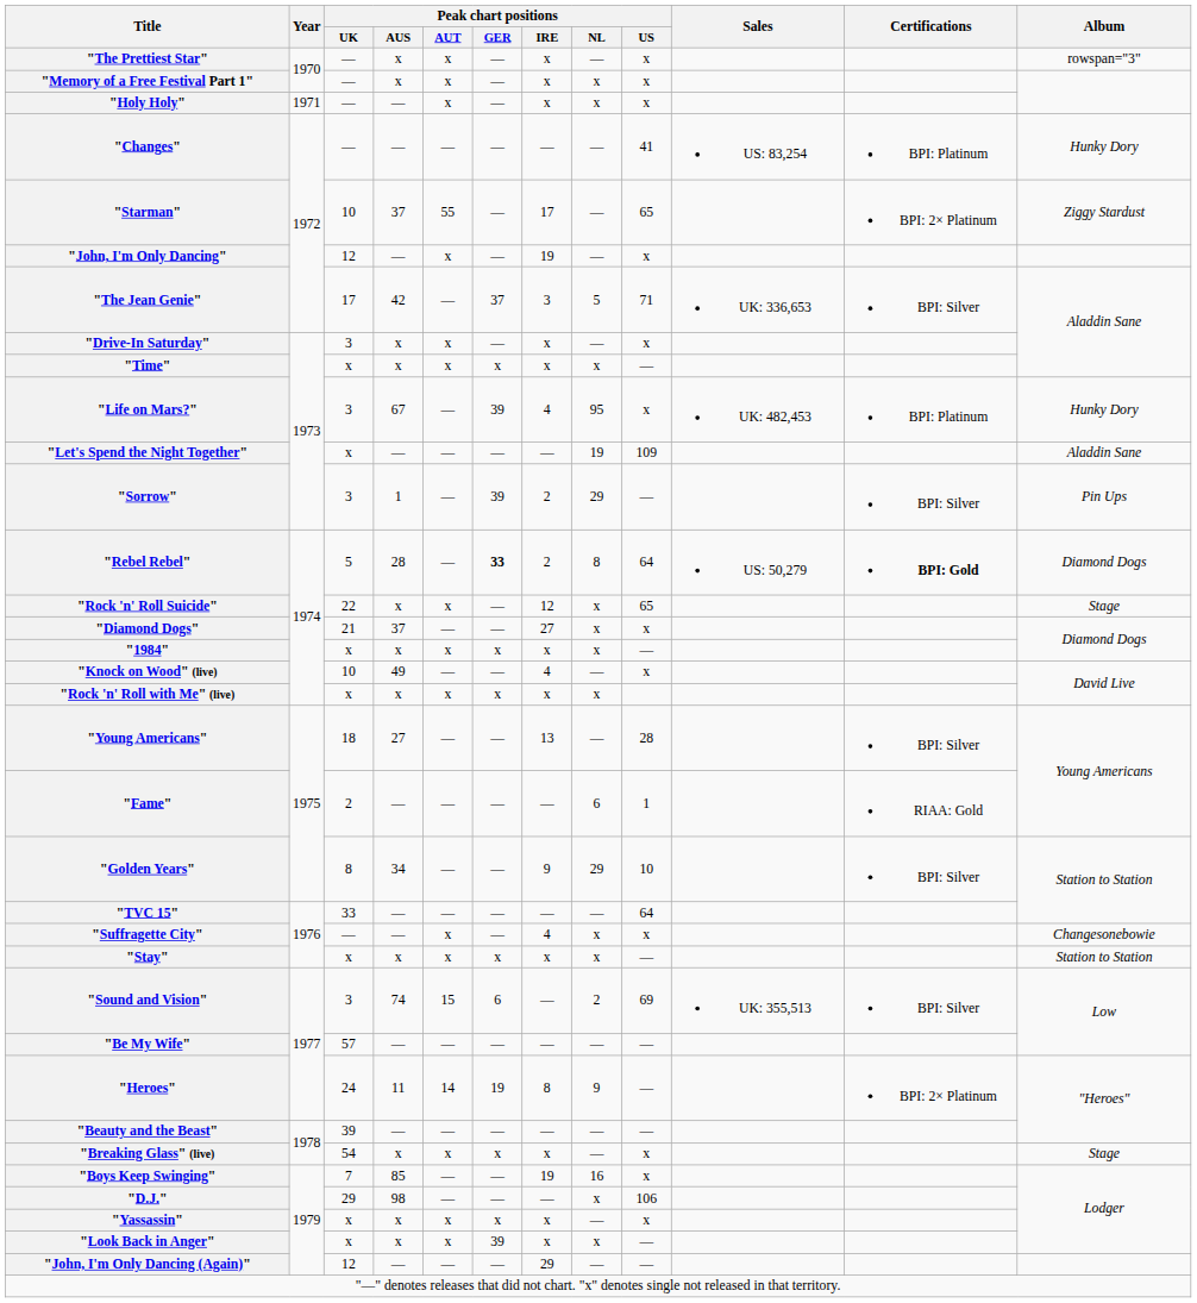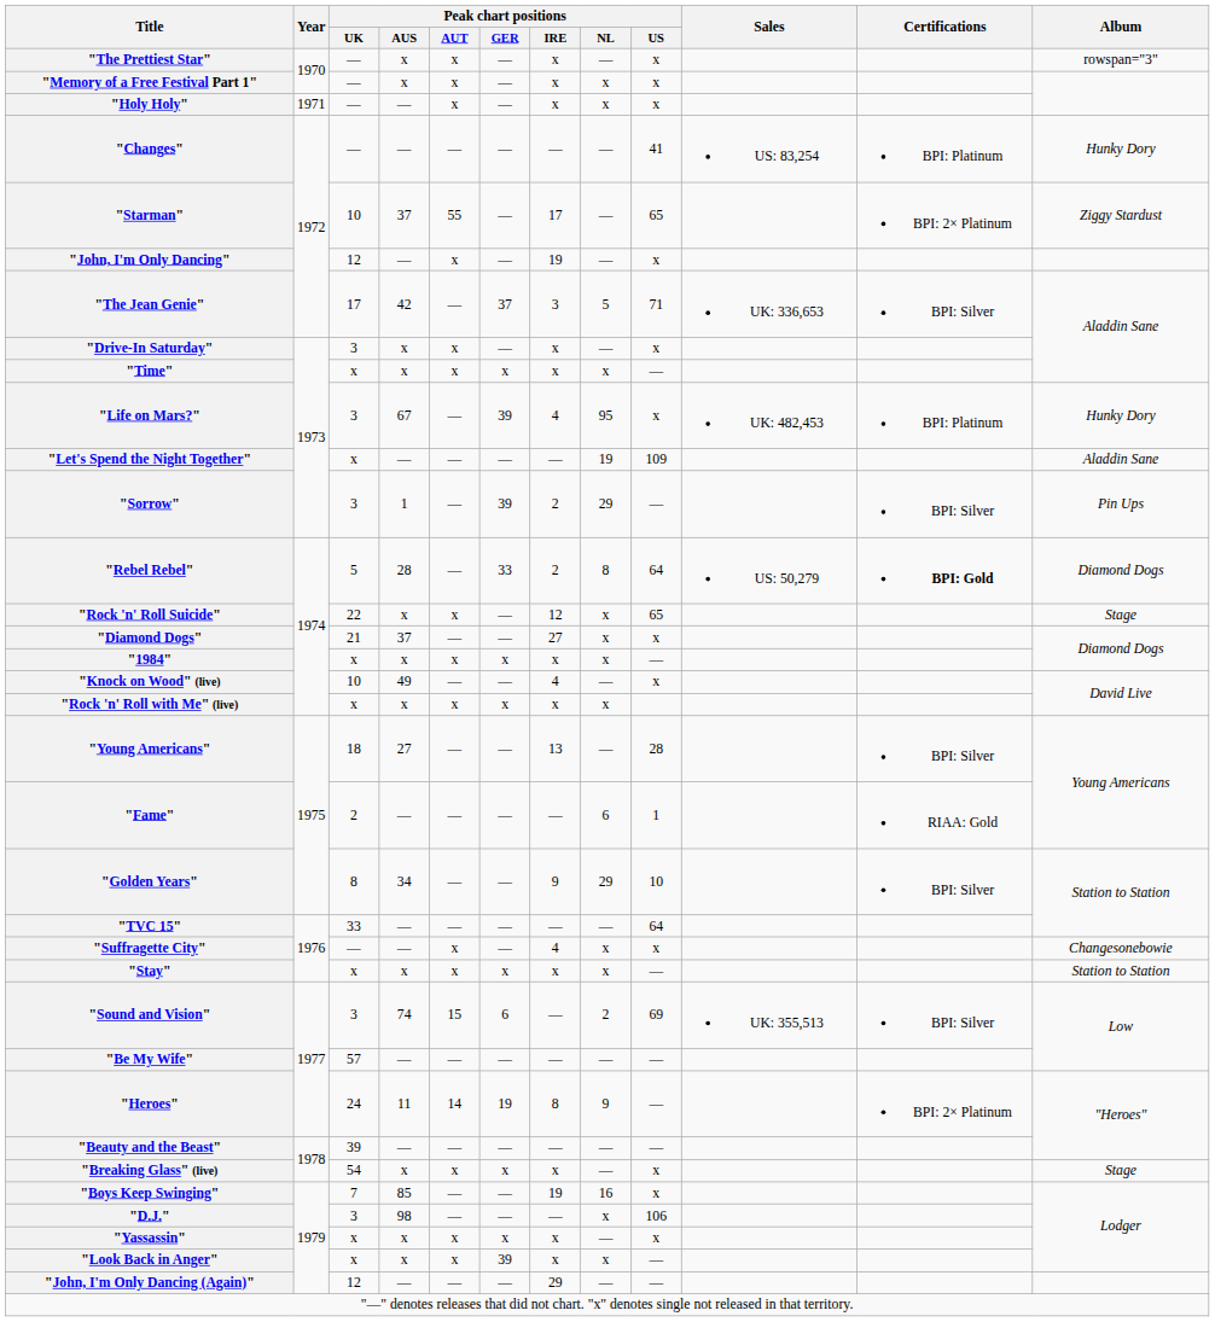 <table class="wikitable plainrowheaders" style="text-align:center;">
 <tr>
 <th scope="col" rowspan="2" style="width:20em;">Title</th>
 <th scope="col" rowspan="2" style="width:1em;">Year</th>
 <th scope="col" colspan="7">Peak chart positions</th>
 <th scope="col" rowspan="2" style="width:12em;">Sales</th>
 <th scope="col" rowspan="2" style="width:12em;">Certifications</th>
 <th scope="col" rowspan="2" style="width:12em;">Album</th>
 </tr>
 <tr>
 <th style="width:3.5em;font-size:90%">UK<br></th>
 <th style="width:3.5em;font-size:90%">AUS<br></th>
 <th style="width:3.5em;font-size:90%"><a href='#'>AUT</a><br></th>
 <th style="width:3.5em;font-size:90%"><a href='#'>GER</a><br></th>
 <th style="width:3.5em;font-size:90%">IRE<br></th>
 <th style="width:3.5em;font-size:90%">NL<br></th>
 <th style="width:3.5em;font-size:90%">US<br></th>
 </tr>
 <tr>
 <th scope="row">"<a href='#'>The Prettiest Star</a>"</th>
 <td rowspan="2">1970</td>
 <td>—</td>
 <td>x</td>
 <td>x</td>
 <td>—</td>
 <td>x</td>
 <td>—</td>
 <td>x</td>
 <td></td>
 <td></td>
 <td>rowspan="3" </td>
 </tr>
 <tr>
 <th scope="row">"<a href='#'>Memory of a Free Festival</a> Part 1"</th>
 <td>—</td>
 <td>x</td>
 <td>x</td>
 <td>—</td>
 <td>x</td>
 <td>x</td>
 <td>x</td>
 <td></td>
 <td></td>
 </tr>
 <tr>
 <th scope="row">"<a href='#'>Holy Holy</a>"</th>
 <td>1971</td>
 <td>—</td>
 <td>—</td>
 <td>x</td>
 <td>—</td>
 <td>x</td>
 <td>x</td>
 <td>x</td>
 <td></td>
 <td></td>
 </tr>
 <tr>
 <th scope="row">"<a href='#'>Changes</a>"</th>
 <td rowspan="4">1972</td>
 <td>—<br></td>
 <td>—<br></td>
 <td>—</td>
 <td>—</td>
 <td>—</td>
 <td>—</td>
 <td>41<br></td>
 <td><br><ul><li>US: 83,254</li></ul></td>
 <td><br><ul><li>BPI: Platinum</li></ul></td>
 <td><em>Hunky Dory</em></td>
 </tr>
 <tr>
 <th scope="row">"<a href='#'>Starman</a>"</th>
 <td>10</td>
 <td>37</td>
 <td>55</td>
 <td>—</td>
 <td>17</td>
 <td>—</td>
 <td>65</td>
 <td></td>
 <td><br><ul><li>BPI: 2× Platinum</li></ul></td>
 <td><em>Ziggy Stardust</em></td>
 </tr>
 <tr>
 <th scope="row">"<a href='#'>John, I'm Only Dancing</a>"</th>
 <td>12</td>
 <td>—</td>
 <td>x</td>
 <td>—</td>
 <td>19</td>
 <td>—</td>
 <td>x</td>
 <td></td>
 <td></td>
 <td></td>
 </tr>
 <tr>
 <th scope="row">"<a href='#'>The Jean Genie</a>"</th>
 <td>17</td>
 <td>42</td>
 <td>—</td>
 <td>37</td>
 <td>3</td>
 <td>5</td>
 <td>71</td>
 <td><br><ul><li>UK: 336,653</li></ul></td>
 <td><br><ul><li>BPI: Silver</li></ul></td>
 <td rowspan="3"><em>Aladdin Sane</em></td>
 </tr>
 <tr>
 <th scope="row">"<a href='#'>Drive-In Saturday</a>"</th>
 <td rowspan="5">1973</td>
 <td>3</td>
 <td>x</td>
 <td>x</td>
 <td>—</td>
 <td>x</td>
 <td>—</td>
 <td>x</td>
 <td></td>
 <td></td>
 </tr>
 <tr>
 <th scope="row">"<a href='#'>Time</a>"</th>
 <td>x</td>
 <td>x</td>
 <td>x</td>
 <td>x</td>
 <td>x</td>
 <td>x</td>
 <td>—</td>
 <td></td>
 <td></td>
 </tr>
 <tr>
 <th scope="row">"<a href='#'>Life on Mars?</a>"</th>
 <td>3</td>
 <td>67</td>
 <td>—</td>
 <td>39</td>
 <td>4</td>
 <td>95</td>
 <td>x</td>
 <td><br><ul><li>UK: 482,453</li></ul></td>
 <td><br><ul><li>BPI: Platinum</li></ul></td>
 <td><em>Hunky Dory</em></td>
 </tr>
 <tr>
 <th scope="row">"<a href='#'>Let's Spend the Night Together</a>"</th>
 <td>x</td>
 <td>—</td>
 <td>—</td>
 <td>—</td>
 <td>—</td>
 <td>19</td>
 <td>109</td>
 <td></td>
 <td></td>
 <td><em>Aladdin Sane</em></td>
 </tr>
 <tr>
 <th scope="row">"<a href='#'>Sorrow</a>"</th>
 <td>3</td>
 <td>1</td>
 <td>—</td>
 <td>39</td>
 <td>2</td>
 <td>29</td>
 <td>—</td>
 <td></td>
 <td><br><ul><li>BPI: Silver</li></ul></td>
 <td><em>Pin Ups</em></td>
 </tr>
 <tr>
 <th scope="row">"<a href='#'>Rebel Rebel</a>"</th>
 <td rowspan="6">1974</td>
 <td>5</td>
 <td>28</td>
 <td>—</td>
-<td><strong>33</strong></td>
+<td>33</td>
 <td>2</td>
 <td>8</td>
 <td>64</td>
 <td><br><ul><li>US: 50,279</li></ul></td>
 <td><strong><br><ul><li>BPI: Gold</li></ul></strong></td>
 <td><em>Diamond Dogs</em></td>
 </tr>
 <tr>
 <th scope="row">"<a href='#'>Rock 'n' Roll Suicide</a>"</th>
 <td>22</td>
 <td>x</td>
 <td>x</td>
 <td>—</td>
 <td>12</td>
 <td>x</td>
 <td>65</td>
 <td></td>
 <td></td>
 <td><em>Stage</em></td>
 </tr>
 <tr>
 <th scope="row">"<a href='#'>Diamond Dogs</a>"</th>
 <td>21</td>
 <td>37</td>
 <td>—</td>
 <td>—</td>
 <td>27</td>
 <td>x</td>
 <td>x</td>
 <td></td>
 <td></td>
 <td rowspan="2"><em>Diamond Dogs</em></td>
 </tr>
 <tr>
 <th scope="row">"<a href='#'>1984</a>"</th>
 <td>x</td>
 <td>x</td>
 <td>x</td>
 <td>x</td>
 <td>x</td>
 <td>x</td>
 <td>—</td>
 <td></td>
 <td></td>
 </tr>
 <tr>
 <th scope="row">"<a href='#'>Knock on Wood</a>" <small>(live)</small></th>
 <td>10</td>
 <td>49</td>
 <td>—</td>
 <td>—</td>
 <td>4</td>
 <td>—</td>
 <td>x</td>
 <td></td>
 <td></td>
 <td rowspan="2"><em>David Live</em></td>
 </tr>
 <tr>
 <th scope="row">"<a href='#'>Rock 'n' Roll with Me</a>" <small>(live)</small></th>
 <td>x</td>
 <td>x</td>
 <td>x</td>
 <td>x</td>
 <td>x</td>
 <td>x</td>
 <td></td>
 <td></td>
 </tr>
 <tr>
 <th scope="row">"<a href='#'>Young Americans</a>"</th>
 <td rowspan="3">1975</td>
 <td>18</td>
 <td>27</td>
 <td>—</td>
 <td>—</td>
 <td>13</td>
 <td>—</td>
 <td>28</td>
 <td></td>
 <td><br><ul><li>BPI: Silver</li></ul></td>
 <td rowspan="2"><em>Young Americans</em></td>
 </tr>
 <tr>
 <th scope="row">"<a href='#'>Fame</a>"</th>
 <td>2</td>
 <td>—</td>
 <td>—</td>
 <td>—</td>
 <td>—</td>
 <td>6</td>
 <td>1</td>
 <td></td>
 <td><br><ul><li>RIAA: Gold</li></ul></td>
 </tr>
 <tr>
 <th scope="row">"<a href='#'>Golden Years</a>"</th>
 <td>8</td>
 <td>34</td>
 <td>—</td>
 <td>—</td>
 <td>9</td>
 <td>29</td>
 <td>10</td>
 <td></td>
 <td><br><ul><li>BPI: Silver</li></ul></td>
 <td rowspan="2"><em>Station to Station</em></td>
 </tr>
 <tr>
 <th scope="row">"<a href='#'>TVC 15</a>"</th>
 <td rowspan="3">1976</td>
 <td>33</td>
 <td>—</td>
 <td>—</td>
 <td>—</td>
 <td>—</td>
 <td>—</td>
 <td>64</td>
 <td></td>
 <td></td>
 </tr>
 <tr>
 <th scope="row">"<a href='#'>Suffragette City</a>"</th>
 <td>—</td>
 <td>—</td>
 <td>x</td>
 <td>—</td>
 <td>4</td>
 <td>x</td>
 <td>x</td>
 <td></td>
 <td></td>
 <td><em>Changesonebowie</em></td>
 </tr>
 <tr>
 <th scope="row">"<a href='#'>Stay</a>"</th>
 <td>x</td>
 <td>x</td>
 <td>x</td>
 <td>x</td>
 <td>x</td>
 <td>x</td>
 <td>—</td>
 <td></td>
 <td></td>
 <td><em>Station to Station</em></td>
 </tr>
 <tr>
 <th scope="row">"<a href='#'>Sound and Vision</a>"</th>
 <td rowspan="3">1977</td>
 <td>3</td>
 <td>74</td>
 <td>15</td>
 <td>6</td>
 <td>—</td>
 <td>2</td>
 <td>69</td>
 <td><br><ul><li>UK: 355,513</li></ul></td>
 <td><br><ul><li>BPI: Silver</li></ul></td>
 <td rowspan="2"><em>Low</em></td>
 </tr>
 <tr>
 <th scope="row">"<a href='#'>Be My Wife</a>"</th>
 <td>57</td>
 <td>—</td>
 <td>—</td>
 <td>—</td>
 <td>—</td>
 <td>—</td>
 <td>—</td>
 <td></td>
 <td></td>
 </tr>
 <tr>
 <th scope="row">"<a href='#'>Heroes</a>"</th>
 <td>24</td>
 <td>11</td>
 <td>14</td>
 <td>19</td>
 <td>8</td>
 <td>9</td>
 <td>—</td>
 <td></td>
 <td><br><ul><li>BPI: 2× Platinum</li></ul></td>
 <td rowspan="2"><em>"Heroes"</em></td>
 </tr>
 <tr>
 <th scope="row">"<a href='#'>Beauty and the Beast</a>"</th>
 <td rowspan="2">1978</td>
 <td>39</td>
 <td>—</td>
 <td>—</td>
 <td>—</td>
 <td>—</td>
 <td>—</td>
 <td>—</td>
 <td></td>
 <td></td>
 </tr>
 <tr>
 <th scope="row">"<a href='#'>Breaking Glass</a>" <small>(live)</small></th>
 <td>54</td>
 <td>x</td>
 <td>x</td>
 <td>x</td>
 <td>x</td>
 <td>—</td>
 <td>x</td>
 <td></td>
 <td></td>
 <td><em>Stage</em></td>
 </tr>
 <tr>
 <th scope="row">"<a href='#'>Boys Keep Swinging</a>"</th>
 <td rowspan="5">1979</td>
 <td>7</td>
 <td>85</td>
 <td>—</td>
 <td>—</td>
 <td>19</td>
 <td>16</td>
 <td>x</td>
 <td></td>
 <td></td>
 <td rowspan="4"><em>Lodger</em></td>
 </tr>
 <tr>
 <th scope="row">"<a href='#'>D.J.</a>"</th>
-<td>29</td>
+<td>3</td>
 <td>98</td>
 <td>—</td>
 <td>—</td>
 <td>—</td>
 <td>x</td>
 <td>106</td>
 <td></td>
 <td></td>
 </tr>
 <tr>
 <th scope="row">"<a href='#'>Yassassin</a>"</th>
 <td>x</td>
 <td>x</td>
 <td>x</td>
 <td>x</td>
 <td>x</td>
 <td>—</td>
 <td>x</td>
 <td></td>
 <td></td>
 </tr>
 <tr>
 <th scope="row">"<a href='#'>Look Back in Anger</a>"</th>
 <td>x</td>
 <td>x</td>
 <td>x</td>
 <td>39</td>
 <td>x</td>
 <td>x</td>
 <td>—</td>
 <td></td>
 <td></td>
 </tr>
 <tr>
 <th scope="row">"<a href='#'>John, I'm Only Dancing (Again)</a>"</th>
 <td>12</td>
 <td>—</td>
 <td>—</td>
 <td>—</td>
 <td>29</td>
 <td>—</td>
 <td>—</td>
 <td></td>
 <td></td>
 <td></td>
 </tr>
 <tr>
 <td colspan="12">"—" denotes releases that did not chart. "x" denotes single not released in that territory.</td>
 </tr>
 </table>
